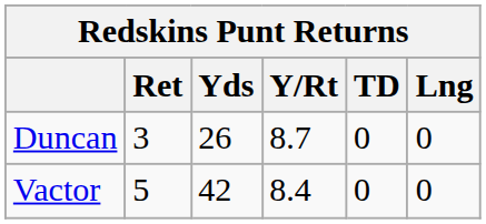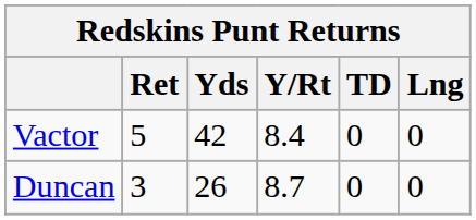 <table class="wikitable">
 <tr>
 <th colspan="6">Redskins Punt Returns</th>
 </tr>
 <tr>
 <th></th>
 <th>Ret</th>
 <th>Yds</th>
 <th>Y/Rt</th>
 <th>TD</th>
 <th>Lng</th>
 </tr>
 <tr>
+<td><a href='#'>Vactor</a></td>
+<td>5</td>
+<td>42</td>
+<td>8.4</td>
+<td>0</td>
+<td>0</td>
+</tr>
+<tr>
 <td><a href='#'>Duncan</a></td>
 <td>3</td>
 <td>26</td>
 <td>8.7</td>
 <td>0</td>
 <td>0</td>
 </tr>
-<tr>
-<td><a href='#'>Vactor</a></td>
-<td>5</td>
-<td>42</td>
-<td>8.4</td>
-<td>0</td>
-<td>0</td>
-</tr>
 </table>
